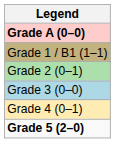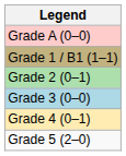 <table class="wikitable" style="font-size:85%;">
 <tr>
 <th>Legend</th>
 </tr>
 <tr bgcolor="ffcccc">
-<td><strong>Grade A (0–0)</strong></td>
+<td>Grade A (0–0)</td>
 </tr>
 <tr bgcolor="C2B280">
 <td>Grade 1 / B1 (1–1)</td>
 </tr>
 <tr bgcolor="ADDFAD">
 <td>Grade 2 (0–1)</td>
 </tr>
 <tr bgcolor="lightblue">
 <td>Grade 3 (0–0)</td>
 </tr>
 <tr bgcolor="ffecb2">
 <td>Grade 4 (0–1)</td>
 </tr>
 <tr>
-<td><strong>Grade 5 (2–0)</strong></td>
+<td>Grade 5 (2–0)</td>
 </tr>
 </table>
